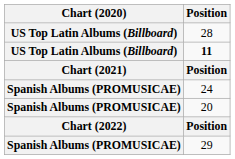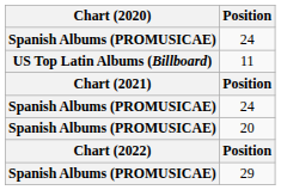 <table class="wikitable plainrowheaders" style="text-align:center">
 <tr>
 <th scope="col">Chart (2020)</th>
 <th scope="col">Position</th>
 </tr>
 <tr>
-<th scope="row">US Top Latin Albums (<em>Billboard</em>)</th>
-<td>28</td>
+<th scope="row">Spanish Albums (PROMUSICAE)</th>
+<td>24</td>
 </tr>
 <tr>
 <th scope="row">US Top Latin Albums (<em>Billboard</em>)</th>
-<td><strong>11</strong></td>
+<td>11</td>
 </tr>
 <tr>
 <th scope="col">Chart (2021)</th>
 <th scope="col">Position</th>
 </tr>
 <tr>
 <th scope="row">Spanish Albums (PROMUSICAE)</th>
 <td>24</td>
 </tr>
 <tr>
 <th scope="row">Spanish Albums (PROMUSICAE)</th>
 <td>20</td>
 </tr>
 <tr>
 <th scope="col">Chart (2022)</th>
 <th scope="col">Position</th>
 </tr>
 <tr>
 <th scope="row">Spanish Albums (PROMUSICAE)</th>
 <td>29</td>
 </tr>
 </table>
